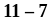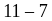 <table style="text-align:center">
 <tr>
 <th width=200></th>
 <th width=100></th>
 <th width=200></th>
 </tr>
 <tr>
 <td align=right><strong></strong></td>
-<td><strong>11 – 7</strong></td>
+<td>11 – 7</td>
 <td align=left></td>
 </tr>
 </table>
